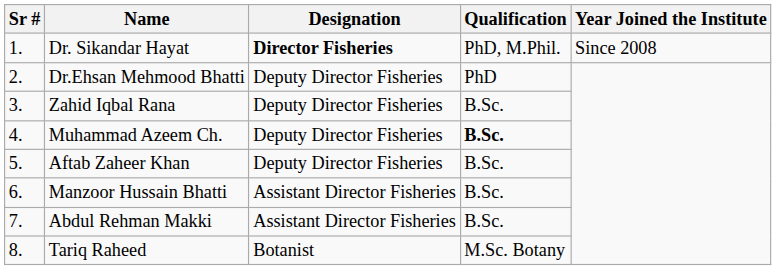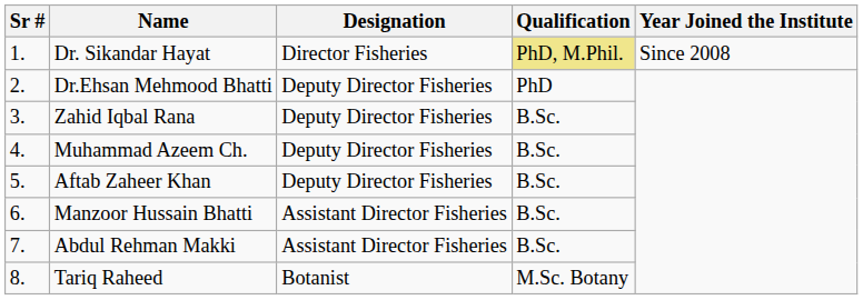 <table class="wikitable">
 <tr>
 <th>Sr #</th>
 <th>Name</th>
 <th>Designation</th>
 <th>Qualification</th>
 <th>Year Joined the Institute</th>
 </tr>
 <tr>
 <td>1.</td>
 <td>Dr. Sikandar Hayat</td>
-<td><strong>Director Fisheries</strong></td>
-<td>PhD, M.Phil.</td>
+<td>Director Fisheries</td>
+<td style="background: khaki;">PhD, M.Phil.</td>
 <td>Since 2008</td>
 </tr>
 <tr>
 <td>2.</td>
 <td>Dr.Ehsan Mehmood Bhatti</td>
 <td>Deputy Director Fisheries</td>
 <td>PhD</td>
 </tr>
 <tr>
 <td>3.</td>
 <td>Zahid Iqbal Rana</td>
 <td>Deputy Director Fisheries</td>
 <td>B.Sc.</td>
 </tr>
 <tr>
 <td>4.</td>
 <td>Muhammad Azeem Ch.</td>
 <td>Deputy Director Fisheries</td>
-<td><strong>B.Sc.</strong></td>
+<td>B.Sc.</td>
 </tr>
 <tr>
 <td>5.</td>
 <td>Aftab Zaheer Khan</td>
 <td>Deputy Director Fisheries</td>
 <td>B.Sc.</td>
 </tr>
 <tr>
 <td>6.</td>
 <td>Manzoor Hussain Bhatti</td>
 <td>Assistant Director Fisheries</td>
 <td>B.Sc.</td>
 </tr>
 <tr>
 <td>7.</td>
 <td>Abdul Rehman Makki</td>
 <td>Assistant Director Fisheries</td>
 <td>B.Sc.</td>
 </tr>
 <tr>
 <td>8.</td>
 <td>Tariq Raheed</td>
 <td>Botanist</td>
 <td>M.Sc. Botany</td>
 </tr>
 </table>
